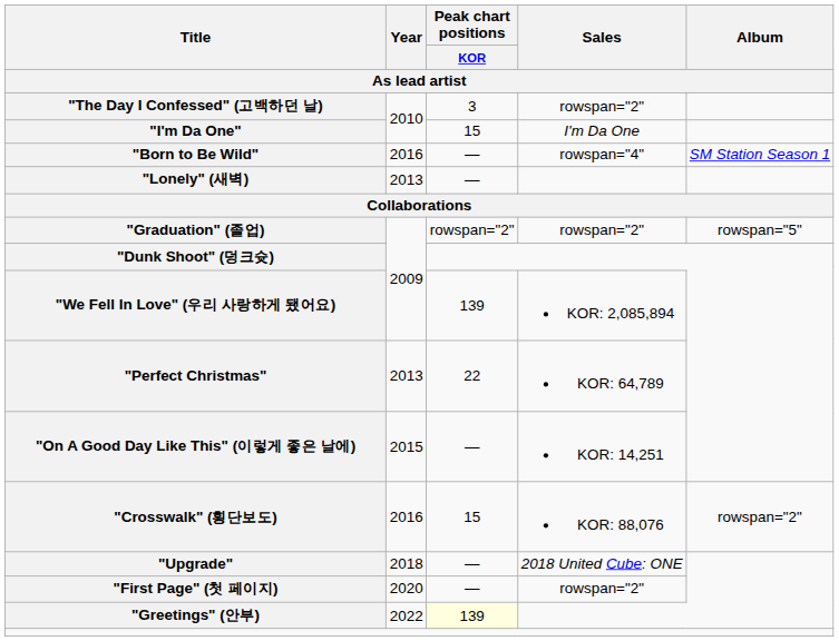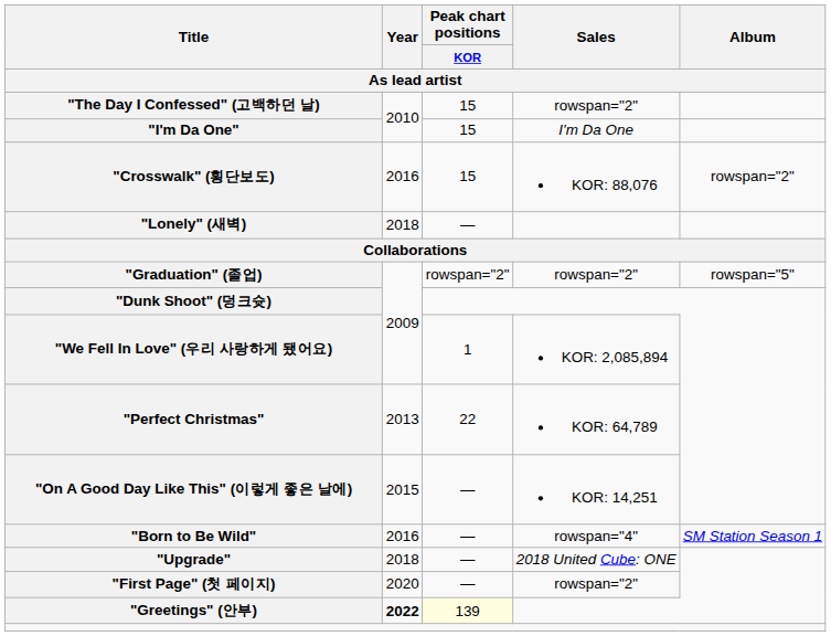 <table class="wikitable plainrowheaders" style="text-align:center;">
 <tr>
 <th scope="col" rowspan="2" style="width:25em;">Title</th>
 <th scope="col" rowspan="2">Year</th>
 <th scope="col" colspan="1" style="width:5em;">Peak chart positions</th>
 <th scope="col" rowspan="2">Sales</th>
 <th scope="col" rowspan="2">Album</th>
 </tr>
 <tr>
 <th><small><a href='#'>KOR</a></small><br></th>
 </tr>
 <tr>
 <th colspan="5">As lead artist</th>
 </tr>
 <tr>
 <th scope="row">"The Day I Confessed" (고백하던 날)</th>
 <td rowspan="2">2010</td>
-<td>3</td>
+<td>15</td>
 <td>rowspan="2" </td>
 <td></td>
 </tr>
 <tr>
 <th scope="row">"I'm Da One"<br></th>
 <td>15</td>
 <td><em>I'm Da One</em></td>
 </tr>
 <tr>
-<th scope="row">"Born to Be Wild"<br></th>
+<th scope="row">"Crosswalk" (횡단보도)</th>
 <td>2016</td>
-<td>—</td>
-<td>rowspan="4" </td>
-<td><em><a href='#'>SM Station Season 1</a></em></td>
+<td>15</td>
+<td><br><ul><li>KOR: 88,076</li></ul></td>
+<td>rowspan="2" </td>
 </tr>
 <tr>
 <th scope="row">"Lonely" (새벽)</th>
-<td>2013</td>
+<td>2018</td>
 <td>—</td>
 <td></td>
 </tr>
 <tr>
 <th colspan="5">Collaborations</th>
 </tr>
 <tr>
 <th scope="row">"Graduation" (졸업)<br></th>
 <td rowspan="3">2009</td>
 <td>rowspan="2" </td>
 <td>rowspan="2" </td>
 <td>rowspan="5" </td>
 </tr>
 <tr>
 <th scope="row">"Dunk Shoot" (덩크슛)<br></th>
 </tr>
 <tr>
 <th scope="row">"We Fell In Love" (우리 사랑하게 됐어요)<br></th>
-<td>139</td>
+<td>1</td>
 <td><br><ul><li>KOR: 2,085,894</li></ul></td>
 </tr>
 <tr>
 <th scope="row">"Perfect Christmas"<br></th>
 <td>2013</td>
 <td>22</td>
 <td><br><ul><li>KOR: 64,789</li></ul></td>
 </tr>
 <tr>
 <th scope="row">"On A Good Day Like This" (이렇게 좋은 날에)<br></th>
 <td>2015</td>
 <td>—</td>
 <td><br><ul><li>KOR: 14,251</li></ul></td>
 </tr>
 <tr>
-<th scope="row">"Crosswalk" (횡단보도)</th>
+<th scope="row">"Born to Be Wild"<br></th>
 <td>2016</td>
-<td>15</td>
-<td><br><ul><li>KOR: 88,076</li></ul></td>
-<td>rowspan="2" </td>
+<td>—</td>
+<td>rowspan="4" </td>
+<td><em><a href='#'>SM Station Season 1</a></em></td>
 </tr>
 <tr>
 <th scope="row">"Upgrade"<br></th>
 <td>2018</td>
 <td>—</td>
 <td><em>2018 United <a href='#'>Cube</a>: ONE</em></td>
 </tr>
 <tr>
 <th scope="row">"First Page" (첫 페이지)<br></th>
 <td>2020</td>
 <td>—</td>
 <td>rowspan="2" </td>
 </tr>
 <tr>
 <th scope="row">"Greetings" (안부)<br></th>
-<td>2022</td>
+<td><strong>2022</strong></td>
 <td style="background: lightyellow;">139</td>
 </tr>
 <tr>
 <td colspan="5"></td>
 </tr>
 </table>
